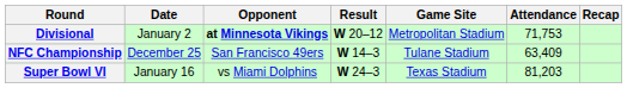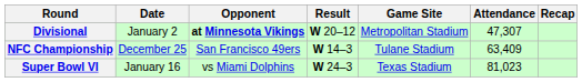 <table class="wikitable" style="text-align:center">
 <tr>
 <th>Round</th>
 <th>Date</th>
 <th>Opponent</th>
 <th>Result</th>
 <th>Game Site</th>
 <th>Attendance</th>
 <th>Recap</th>
 </tr>
 <tr style="background: #cfc">
 <th><a href='#'>Divisional</a></th>
 <td>January 2</td>
 <td><strong>at <a href='#'>Minnesota Vikings</a></strong></td>
 <td><strong>W</strong> 20–12</td>
 <td><a href='#'>Metropolitan Stadium</a></td>
-<td>71,753</td>
+<td>47,307</td>
 <td></td>
 </tr>
 <tr style="background: #cfc">
 <th><a href='#'>NFC Championship</a></th>
 <td><a href='#'>December 25</a></td>
 <td><a href='#'>San Francisco 49ers</a></td>
 <td><strong>W</strong> 14–3</td>
 <td><a href='#'>Tulane Stadium</a></td>
 <td>63,409</td>
 <td></td>
 </tr>
 <tr style="background: #cfc">
 <th><a href='#'>Super Bowl VI</a></th>
 <td>January 16</td>
 <td>vs <a href='#'>Miami Dolphins</a></td>
 <td><strong>W</strong> 24–3</td>
 <td><a href='#'>Texas Stadium</a></td>
-<td>81,203</td>
+<td>81,023</td>
 <td></td>
 </tr>
 </table>
